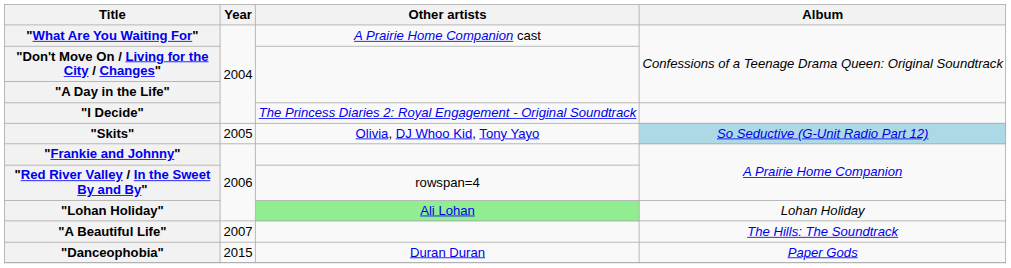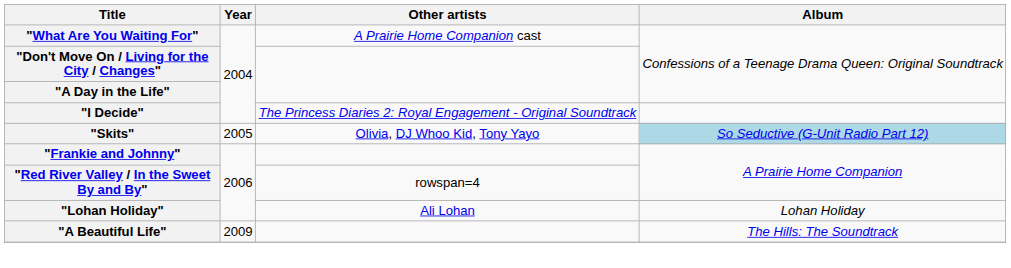 <table class="wikitable plainrowheaders" style="text-align:center;" border="1">
 <tr>
 <th scope="col" style="width:16em;">Title</th>
 <th scope="col">Year</th>
 <th scope="col">Other artists</th>
 <th scope="col">Album</th>
 </tr>
 <tr>
 <th scope="row">"<a href='#'>What Are You Waiting For</a>"</th>
 <td rowspan=4>2004</td>
 <td><em><a href='#'>A Prairie Home Companion</a></em> cast</td>
 <td rowspan=3><em>Confessions of a Teenage Drama Queen: Original Soundtrack</em></td>
 </tr>
 <tr>
 <th scope="row">"Don't Move On / <a href='#'>Living for the City</a> / <a href='#'>Changes</a>"</th>
 </tr>
 <tr>
 <th scope="row">"A Day in the Life"</th>
 </tr>
 <tr>
 <th scope="row">"I Decide"</th>
 <td><em><a href='#'>The Princess Diaries 2: Royal Engagement - Original Soundtrack</a></em></td>
 </tr>
 <tr>
 <th scope="row">"Skits"</th>
 <td>2005</td>
 <td><a href='#'>Olivia</a>, <a href='#'>DJ Whoo Kid</a>, <a href='#'>Tony Yayo</a></td>
 <td style="background: lightblue;"><em><a href='#'>So Seductive (G-Unit Radio Part 12)</a></em></td>
 </tr>
 <tr>
 <th scope="row">"<a href='#'>Frankie and Johnny</a>"</th>
 <td rowspan=3>2006</td>
 <td></td>
 <td rowspan=2><em><a href='#'>A Prairie Home Companion</a></em></td>
 </tr>
 <tr>
 <th scope="row">"<a href='#'>Red River Valley</a> / <a href='#'>In the Sweet By and By</a>"</th>
 <td>rowspan=4 </td>
 </tr>
 <tr>
 <th scope="row">"Lohan Holiday"</th>
-<td style="background: lightgreen;"><a href='#'>Ali Lohan</a></td>
+<td><a href='#'>Ali Lohan</a></td>
 <td><em>Lohan Holiday</em></td>
 </tr>
 <tr>
 <th scope="row">"A Beautiful Life"</th>
-<td>2007</td>
+<td>2009</td>
 <td></td>
 <td><em><a href='#'>The Hills: The Soundtrack</a></em></td>
 </tr>
 <tr>
-<th scope="row">"Danceophobia"</th>
-<td>2015</td>
-<td><a href='#'>Duran Duran</a></td>
-<td><em><a href='#'>Paper Gods</a></em></td>
-</tr>
-<tr>
 </tr>
 </table>
